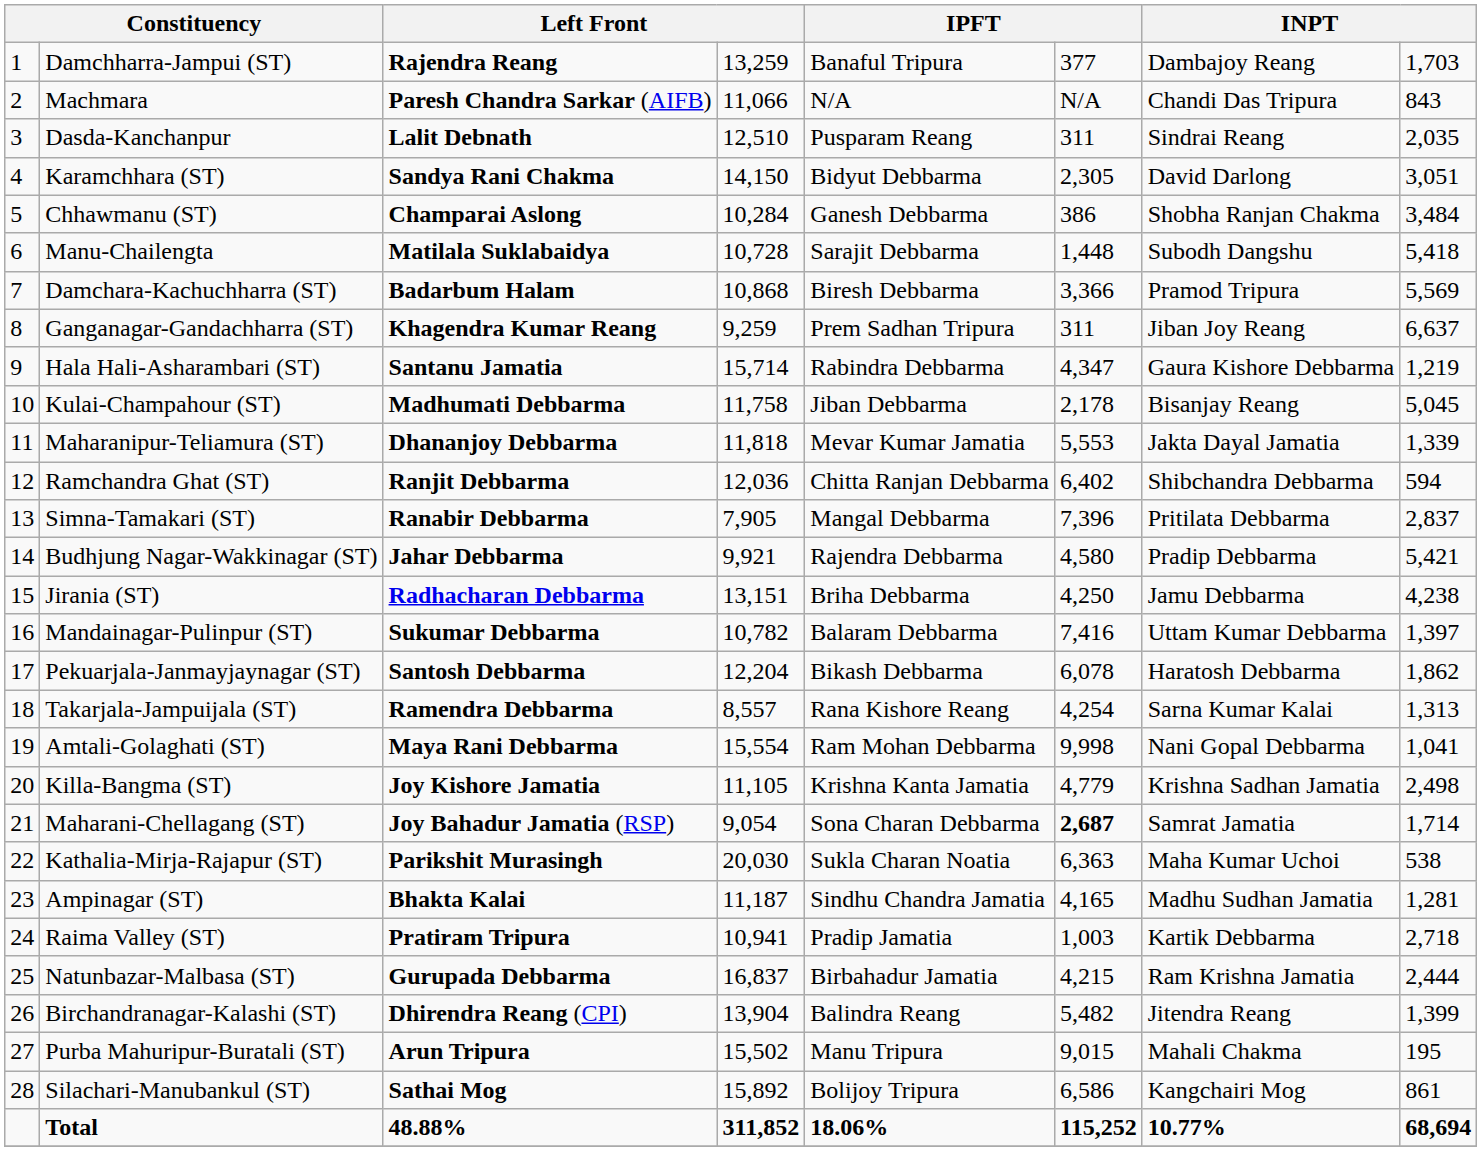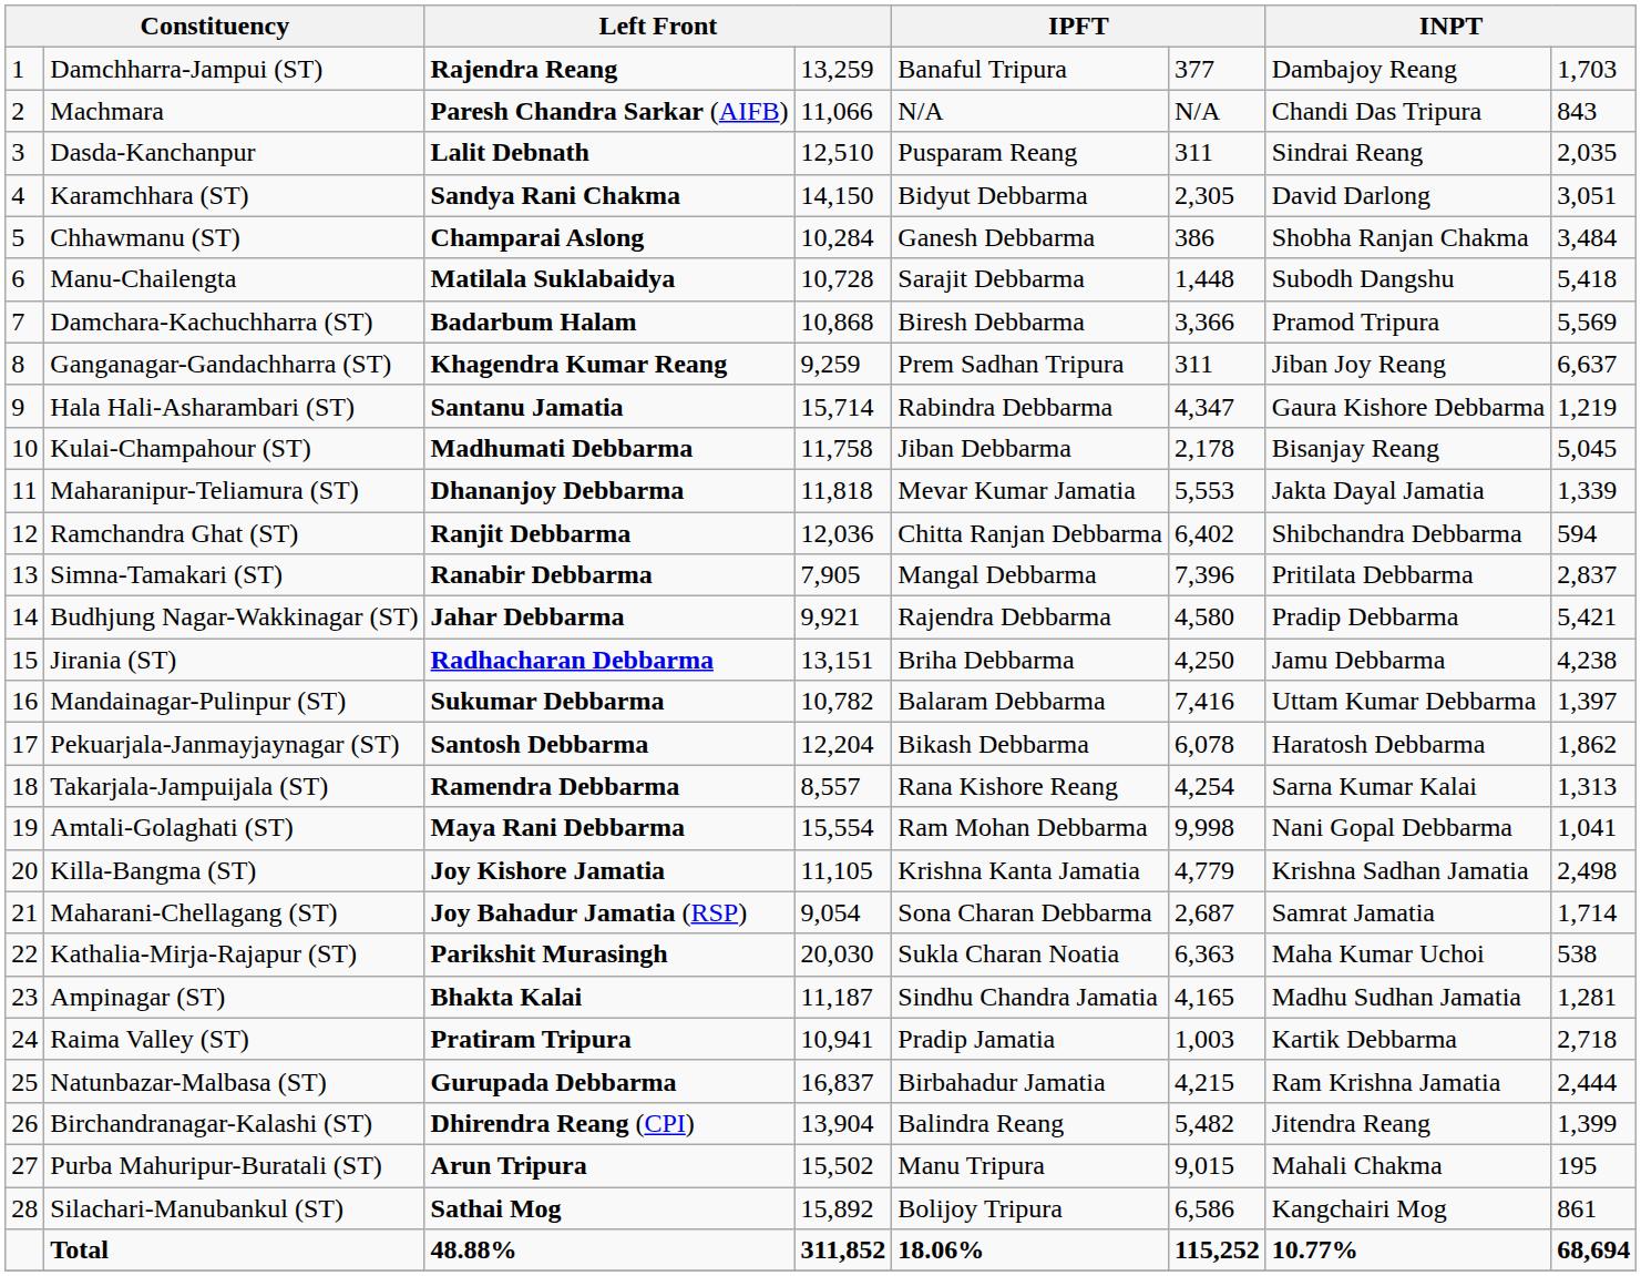 <table class="wikitable">
 <tr>
 <th colspan="2">Constituency</th>
 <th colspan="2">Left Front</th>
 <th colspan="2">IPFT</th>
 <th colspan="2">INPT</th>
 </tr>
 <tr>
 <td>1</td>
 <td>Damchharra-Jampui (ST)</td>
 <td><strong>Rajendra Reang</strong></td>
 <td>13,259</td>
 <td>Banaful Tripura</td>
 <td>377</td>
 <td>Dambajoy Reang</td>
 <td>1,703</td>
 </tr>
 <tr>
 <td>2</td>
 <td>Machmara</td>
 <td><strong>Paresh Chandra Sarkar</strong> (<a href='#'>AIFB</a>)</td>
 <td>11,066</td>
 <td>N/A</td>
 <td>N/A</td>
 <td>Chandi Das Tripura</td>
 <td>843</td>
 </tr>
 <tr>
 <td>3</td>
 <td>Dasda-Kanchanpur</td>
 <td><strong>Lalit Debnath</strong></td>
 <td>12,510</td>
 <td>Pusparam Reang</td>
 <td>311</td>
 <td>Sindrai Reang</td>
 <td>2,035</td>
 </tr>
 <tr>
 <td>4</td>
 <td>Karamchhara (ST)</td>
 <td><strong>Sandya Rani Chakma</strong></td>
 <td>14,150</td>
 <td>Bidyut Debbarma</td>
 <td>2,305</td>
 <td>David Darlong</td>
 <td>3,051</td>
 </tr>
 <tr>
 <td>5</td>
 <td>Chhawmanu (ST)</td>
 <td><strong>Champarai Aslong</strong></td>
 <td>10,284</td>
 <td>Ganesh Debbarma</td>
 <td>386</td>
 <td>Shobha Ranjan Chakma</td>
 <td>3,484</td>
 </tr>
 <tr>
 <td>6</td>
 <td>Manu-Chailengta</td>
 <td><strong>Matilala Suklabaidya</strong></td>
 <td>10,728</td>
 <td>Sarajit Debbarma</td>
 <td>1,448</td>
 <td>Subodh Dangshu</td>
 <td>5,418</td>
 </tr>
 <tr>
 <td>7</td>
 <td>Damchara-Kachuchharra (ST)</td>
 <td><strong>Badarbum Halam</strong></td>
 <td>10,868</td>
 <td>Biresh Debbarma</td>
 <td>3,366</td>
 <td>Pramod Tripura</td>
 <td>5,569</td>
 </tr>
 <tr>
 <td>8</td>
 <td>Ganganagar-Gandachharra (ST)</td>
 <td><strong>Khagendra Kumar Reang</strong></td>
 <td>9,259</td>
 <td>Prem Sadhan Tripura</td>
 <td>311</td>
 <td>Jiban Joy Reang</td>
 <td>6,637</td>
 </tr>
 <tr>
 <td>9</td>
 <td>Hala Hali-Asharambari (ST)</td>
 <td><strong>Santanu Jamatia</strong></td>
 <td>15,714</td>
 <td>Rabindra Debbarma</td>
 <td>4,347</td>
 <td>Gaura Kishore Debbarma</td>
 <td>1,219</td>
 </tr>
 <tr>
 <td>10</td>
 <td>Kulai-Champahour (ST)</td>
 <td><strong>Madhumati Debbarma</strong></td>
 <td>11,758</td>
 <td>Jiban Debbarma</td>
 <td>2,178</td>
 <td>Bisanjay Reang</td>
 <td>5,045</td>
 </tr>
 <tr>
 <td>11</td>
 <td>Maharanipur-Teliamura (ST)</td>
 <td><strong>Dhananjoy Debbarma</strong></td>
 <td>11,818</td>
 <td>Mevar Kumar Jamatia</td>
 <td>5,553</td>
 <td>Jakta Dayal Jamatia</td>
 <td>1,339</td>
 </tr>
 <tr>
 <td>12</td>
 <td>Ramchandra Ghat (ST)</td>
 <td><strong>Ranjit Debbarma</strong></td>
 <td>12,036</td>
 <td>Chitta Ranjan Debbarma</td>
 <td>6,402</td>
 <td>Shibchandra Debbarma</td>
 <td>594</td>
 </tr>
 <tr>
 <td>13</td>
 <td>Simna-Tamakari (ST)</td>
 <td><strong>Ranabir Debbarma</strong></td>
 <td>7,905</td>
 <td>Mangal Debbarma</td>
 <td>7,396</td>
 <td>Pritilata Debbarma</td>
 <td>2,837</td>
 </tr>
 <tr>
 <td>14</td>
 <td>Budhjung Nagar-Wakkinagar (ST)</td>
 <td><strong>Jahar Debbarma</strong></td>
 <td>9,921</td>
 <td>Rajendra Debbarma</td>
 <td>4,580</td>
 <td>Pradip Debbarma</td>
 <td>5,421</td>
 </tr>
 <tr>
 <td>15</td>
 <td>Jirania (ST)</td>
 <td><strong><a href='#'>Radhacharan Debbarma</a></strong></td>
 <td>13,151</td>
 <td>Briha Debbarma</td>
 <td>4,250</td>
 <td>Jamu Debbarma</td>
 <td>4,238</td>
 </tr>
 <tr>
 <td>16</td>
 <td>Mandainagar-Pulinpur (ST)</td>
 <td><strong>Sukumar Debbarma</strong></td>
 <td>10,782</td>
 <td>Balaram Debbarma</td>
 <td>7,416</td>
 <td>Uttam Kumar Debbarma</td>
 <td>1,397</td>
 </tr>
 <tr>
 <td>17</td>
 <td>Pekuarjala-Janmayjaynagar (ST)</td>
 <td><strong>Santosh Debbarma</strong></td>
 <td>12,204</td>
 <td>Bikash Debbarma</td>
 <td>6,078</td>
 <td>Haratosh Debbarma</td>
 <td>1,862</td>
 </tr>
 <tr>
 <td>18</td>
 <td>Takarjala-Jampuijala (ST)</td>
 <td><strong>Ramendra Debbarma</strong></td>
 <td>8,557</td>
 <td>Rana Kishore Reang</td>
 <td>4,254</td>
 <td>Sarna Kumar Kalai</td>
 <td>1,313</td>
 </tr>
 <tr>
 <td>19</td>
 <td>Amtali-Golaghati (ST)</td>
 <td><strong>Maya Rani Debbarma</strong></td>
 <td>15,554</td>
 <td>Ram Mohan Debbarma</td>
 <td>9,998</td>
 <td>Nani Gopal Debbarma</td>
 <td>1,041</td>
 </tr>
 <tr>
 <td>20</td>
 <td>Killa-Bangma (ST)</td>
 <td><strong>Joy Kishore Jamatia</strong></td>
 <td>11,105</td>
 <td>Krishna Kanta Jamatia</td>
 <td>4,779</td>
 <td>Krishna Sadhan Jamatia</td>
 <td>2,498</td>
 </tr>
 <tr>
 <td>21</td>
 <td>Maharani-Chellagang (ST)</td>
 <td><strong>Joy Bahadur Jamatia</strong> (<a href='#'>RSP</a>)</td>
 <td>9,054</td>
 <td>Sona Charan Debbarma</td>
-<td><strong>2,687</strong></td>
+<td>2,687</td>
 <td>Samrat Jamatia</td>
 <td>1,714</td>
 </tr>
 <tr>
 <td>22</td>
 <td>Kathalia-Mirja-Rajapur (ST)</td>
 <td><strong>Parikshit Murasingh</strong></td>
 <td>20,030</td>
 <td>Sukla Charan Noatia</td>
 <td>6,363</td>
 <td>Maha Kumar Uchoi</td>
 <td>538</td>
 </tr>
 <tr>
 <td>23</td>
 <td>Ampinagar (ST)</td>
 <td><strong>Bhakta Kalai</strong></td>
 <td>11,187</td>
 <td>Sindhu Chandra Jamatia</td>
 <td>4,165</td>
 <td>Madhu Sudhan Jamatia</td>
 <td>1,281</td>
 </tr>
 <tr>
 <td>24</td>
 <td>Raima Valley (ST)</td>
 <td><strong>Pratiram Tripura</strong></td>
 <td>10,941</td>
 <td>Pradip Jamatia</td>
 <td>1,003</td>
 <td>Kartik Debbarma</td>
 <td>2,718</td>
 </tr>
 <tr>
 <td>25</td>
 <td>Natunbazar-Malbasa (ST)</td>
 <td><strong>Gurupada Debbarma</strong></td>
 <td>16,837</td>
 <td>Birbahadur Jamatia</td>
 <td>4,215</td>
 <td>Ram Krishna Jamatia</td>
 <td>2,444</td>
 </tr>
 <tr>
 <td>26</td>
 <td>Birchandranagar-Kalashi (ST)</td>
 <td><strong>Dhirendra Reang</strong> (<a href='#'>CPI</a>)</td>
 <td>13,904</td>
 <td>Balindra Reang</td>
 <td>5,482</td>
 <td>Jitendra Reang</td>
 <td>1,399</td>
 </tr>
 <tr>
 <td>27</td>
 <td>Purba Mahuripur-Buratali (ST)</td>
 <td><strong>Arun Tripura</strong></td>
 <td>15,502</td>
 <td>Manu Tripura</td>
 <td>9,015</td>
 <td>Mahali Chakma</td>
 <td>195</td>
 </tr>
 <tr>
 <td>28</td>
 <td>Silachari-Manubankul (ST)</td>
 <td><strong>Sathai Mog</strong></td>
 <td>15,892</td>
 <td>Bolijoy Tripura</td>
 <td>6,586</td>
 <td>Kangchairi Mog</td>
 <td>861</td>
 </tr>
 <tr>
 <td></td>
 <td><strong>Total</strong></td>
 <td><strong>48.88%</strong></td>
 <td><strong>311,852</strong></td>
 <td><strong>18.06%</strong></td>
 <td><strong>115,252</strong></td>
 <td><strong>10.77%</strong></td>
 <td><strong>68,694</strong></td>
 </tr>
 <tr>
 </tr>
 </table>
